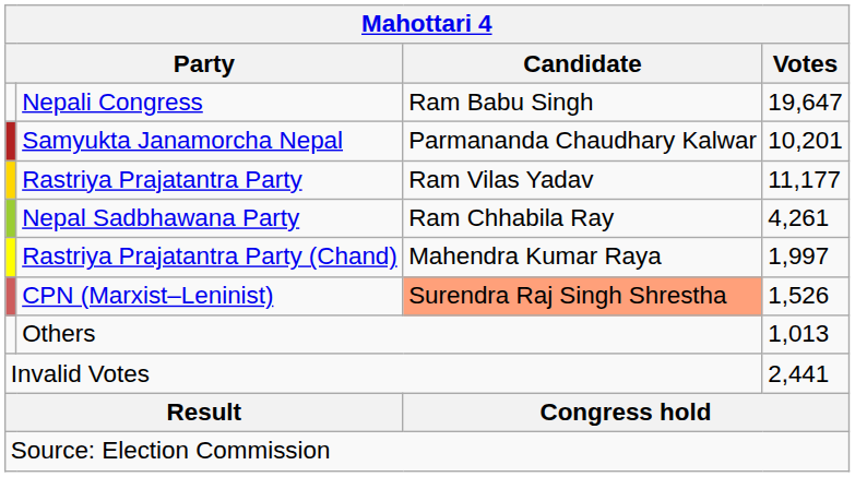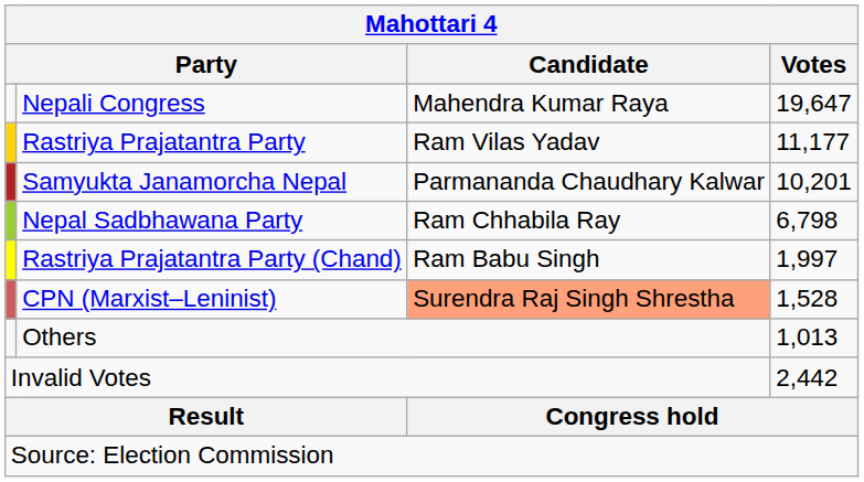 <table class="wikitable">
 <tr>
 <th colspan="4"><a href='#'>Mahottari 4</a></th>
 </tr>
 <tr>
 <th colspan="2">Party</th>
 <th>Candidate</th>
 <th>Votes</th>
 </tr>
 <tr>
 <td style="background-color:"></td>
 <td><a href='#'>Nepali Congress</a></td>
-<td>Ram Babu Singh</td>
+<td>Mahendra Kumar Raya</td>
 <td>19,647</td>
+</tr>
+<tr>
+<td style="background-color:gold"></td>
+<td><a href='#'>Rastriya Prajatantra Party</a></td>
+<td>Ram Vilas Yadav</td>
+<td>11,177</td>
 </tr>
 <tr>
 <td style="background-color:firebrick"></td>
 <td><a href='#'>Samyukta Janamorcha Nepal</a></td>
 <td>Parmananda Chaudhary Kalwar</td>
 <td>10,201</td>
 </tr>
 <tr>
-<td style="background-color:gold"></td>
-<td><a href='#'>Rastriya Prajatantra Party</a></td>
-<td>Ram Vilas Yadav</td>
-<td>11,177</td>
-</tr>
-<tr>
 <td style="background-color:yellowgreen"></td>
 <td><a href='#'>Nepal Sadbhawana Party</a></td>
 <td>Ram Chhabila Ray</td>
-<td>4,261</td>
+<td>6,798</td>
 </tr>
 <tr>
 <td style="background-color:yellow"></td>
 <td><a href='#'>Rastriya Prajatantra Party (Chand)</a></td>
-<td>Mahendra Kumar Raya</td>
+<td>Ram Babu Singh</td>
 <td>1,997</td>
 </tr>
 <tr>
 <td style="background-color:indianred"></td>
 <td><a href='#'>CPN (Marxist–Leninist)</a></td>
 <td style="background: lightsalmon;">Surendra Raj Singh Shrestha</td>
-<td>1,526</td>
+<td>1,528</td>
 </tr>
 <tr>
 <td></td>
 <td colspan="2">Others</td>
 <td>1,013</td>
 </tr>
 <tr>
 <td colspan="3">Invalid Votes</td>
-<td>2,441</td>
+<td>2,442</td>
 </tr>
 <tr>
 <th colspan="2">Result</th>
 <th colspan="2">Congress hold</th>
 </tr>
 <tr>
 <td colspan="4">Source: Election Commission</td>
 </tr>
 </table>
